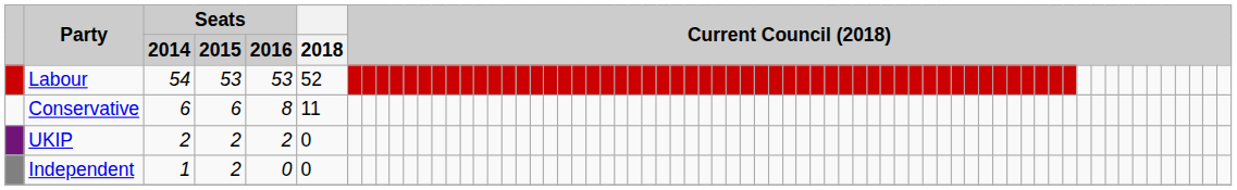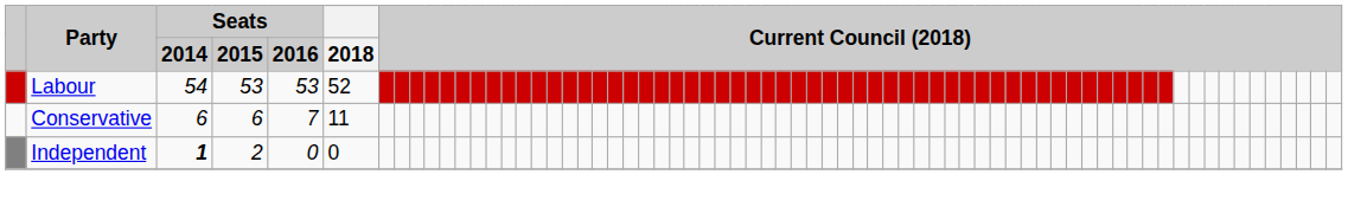 <table class="wikitable">
 <tr>
 <th rowspan="2" style="background:#ccc">  </th>
 <th rowspan="2" style="background:#ccc">Party</th>
 <th colspan="3" style="background:#ccc">Seats</th>
 <th></th>
 <th colspan="63" rowspan="2" style="background:#ccc">Current Council (2018)</th>
 </tr>
 <tr>
 <th style="background:#ccc">2014</th>
 <th style="background:#ccc">2015</th>
 <th style="background:#ccc">2016</th>
 <th>2018</th>
 </tr>
 <tr>
 <td style="background:#c00"> </td>
 <td><a href='#'>Labour</a></td>
 <td style="text-align: right"><em>54</em></td>
 <td style="text-align: right"><em>53</em></td>
 <td style="text-align: right"><em>53</em></td>
 <td>52</td>
 <td style="background:#c00"> </td>
 <td style="background:#c00"> </td>
 <td style="background:#c00"> </td>
 <td style="background:#c00"> </td>
 <td style="background:#c00"> </td>
 <td style="background:#c00"> </td>
 <td style="background:#c00"> </td>
 <td style="background:#c00"> </td>
 <td style="background:#c00"> </td>
 <td style="background:#c00"> </td>
 <td style="background:#c00"> </td>
 <td style="background:#c00"> </td>
 <td style="background:#c00"> </td>
 <td style="background:#c00"> </td>
 <td style="background:#c00"> </td>
 <td style="background:#c00"> </td>
 <td style="background:#c00"> </td>
 <td style="background:#c00"> </td>
 <td style="background:#c00"> </td>
 <td style="background:#c00"> </td>
 <td style="background:#c00"> </td>
 <td style="background:#c00"> </td>
 <td style="background:#c00"> </td>
 <td style="background:#c00"> </td>
 <td style="background:#c00"> </td>
 <td style="background:#c00"> </td>
 <td style="background:#c00"> </td>
 <td style="background:#c00"> </td>
 <td style="background:#c00"> </td>
 <td style="background:#c00"> </td>
 <td style="background:#c00"> </td>
 <td style="background:#c00"> </td>
 <td style="background:#c00"> </td>
 <td style="background:#c00"> </td>
 <td style="background:#c00"> </td>
 <td style="background:#c00"> </td>
 <td style="background:#c00"> </td>
 <td style="background:#c00"> </td>
 <td style="background:#c00"> </td>
 <td style="background:#c00"> </td>
 <td style="background:#c00"> </td>
 <td style="background:#c00"> </td>
 <td style="background:#c00"> </td>
 <td style="background:#c00"> </td>
 <td style="background:#c00"> </td>
 <td style="background:#c00"> </td>
 <td style="background:#c00"> </td>
 <td style="background:#c00"> </td>
 <td style="background:#c00"> </td>
 <td style="background:#c00"> </td>
 <td style="background:#c00"> </td>
 <td style="background:#c00"> </td>
 <td> </td>
 <td> </td>
 <td> </td>
 <td> </td>
 <td> </td>
 <td> </td>
 <td> </td>
 <td> </td>
 <td> </td>
 <td> </td>
 </tr>
 <tr>
 <td style="background: "> </td>
 <td><a href='#'>Conservative</a></td>
 <td style="text-align: right"><em>6</em></td>
 <td style="text-align: right"><em>6</em></td>
-<td style="text-align: right"><em>8</em></td>
+<td style="text-align: right"><em>7</em></td>
 <td>11</td>
 <td style="background: "> </td>
 <td style="background: "> </td>
 <td style="background: "> </td>
 <td style="background: "> </td>
 <td style="background: "> </td>
 <td style="background: "> </td>
 <td style="background: "> </td>
 <td style="background: "> </td>
 <td style="background: "> </td>
 <td style="background: "> </td>
 <td style="background: "> </td>
 <td> </td>
 <td> </td>
 <td> </td>
 <td> </td>
 <td> </td>
 <td> </td>
 <td> </td>
 <td> </td>
 <td> </td>
 <td> </td>
 <td> </td>
 <td> </td>
 <td> </td>
 <td> </td>
 <td> </td>
 <td> </td>
 <td> </td>
 <td> </td>
 <td> </td>
 <td> </td>
 <td> </td>
 <td> </td>
 <td> </td>
 <td> </td>
 <td> </td>
 <td> </td>
 <td> </td>
 <td> </td>
 <td> </td>
 <td> </td>
 <td> </td>
 <td> </td>
 <td> </td>
 <td> </td>
 <td> </td>
 <td> </td>
 <td> </td>
 <td> </td>
 <td> </td>
 <td> </td>
 <td> </td>
 <td> </td>
 <td> </td>
 <td> </td>
 <td> </td>
 <td> </td>
 <td> </td>
 <td> </td>
 <td> </td>
 <td> </td>
 <td> </td>
 <td> </td>
 </tr>
 <tr>
-<td style="background:#70147A"> </td>
-<td><a href='#'>UKIP</a></td>
-<td style="text-align: right"><em>2</em></td>
-<td style="text-align: right"><em>2</em></td>
-<td style="text-align: right"><em>2</em></td>
-<td>0</td>
-<td> </td>
-<td> </td>
-<td> </td>
-<td> </td>
-<td> </td>
-<td> </td>
-<td> </td>
-<td> </td>
-<td> </td>
-<td> </td>
-<td> </td>
-<td> </td>
-<td> </td>
-<td> </td>
-<td> </td>
-<td> </td>
-<td> </td>
-<td> </td>
-<td> </td>
-<td> </td>
-<td> </td>
-<td> </td>
-<td> </td>
-<td> </td>
-<td> </td>
-<td> </td>
-<td> </td>
-<td> </td>
-<td> </td>
-<td> </td>
-<td> </td>
-<td> </td>
-<td> </td>
-<td> </td>
-<td> </td>
-<td> </td>
-<td> </td>
-<td> </td>
-<td> </td>
-<td> </td>
-<td> </td>
-<td> </td>
-<td> </td>
-<td> </td>
-<td> </td>
-<td> </td>
-<td> </td>
-<td> </td>
-<td> </td>
-<td> </td>
-<td> </td>
-<td> </td>
-<td> </td>
-<td> </td>
-<td> </td>
-<td> </td>
-<td> </td>
-<td> </td>
-<td> </td>
-<td> </td>
-<td> </td>
-<td> </td>
-<td> </td>
-</tr>
-<tr>
 <td style="background:gray"> </td>
 <td><a href='#'>Independent</a></td>
-<td style="text-align: right"><em>1</em></td>
+<td style="text-align: right"><strong><em>1</em></strong></td>
 <td style="text-align: right"><em>2</em></td>
 <td style="text-align: right"><em>0</em></td>
 <td>0</td>
 <td> </td>
 <td> </td>
 <td> </td>
 <td> </td>
 <td> </td>
 <td> </td>
 <td> </td>
 <td> </td>
 <td> </td>
 <td> </td>
 <td> </td>
 <td> </td>
 <td> </td>
 <td> </td>
 <td> </td>
 <td> </td>
 <td> </td>
 <td> </td>
 <td> </td>
 <td> </td>
 <td> </td>
 <td> </td>
 <td> </td>
 <td> </td>
 <td> </td>
 <td> </td>
 <td> </td>
 <td> </td>
 <td> </td>
 <td> </td>
 <td> </td>
 <td> </td>
 <td> </td>
 <td> </td>
 <td> </td>
 <td> </td>
 <td> </td>
 <td> </td>
 <td> </td>
 <td> </td>
 <td> </td>
 <td> </td>
 <td> </td>
 <td> </td>
 <td> </td>
 <td> </td>
 <td> </td>
 <td> </td>
 <td> </td>
 <td> </td>
 <td> </td>
 <td> </td>
 <td> </td>
 <td> </td>
 <td> </td>
 <td> </td>
 <td> </td>
 <td> </td>
 <td> </td>
 <td> </td>
 <td> </td>
 <td> </td>
 <td> </td>
 </tr>
 <tr>
 </tr>
 </table>
